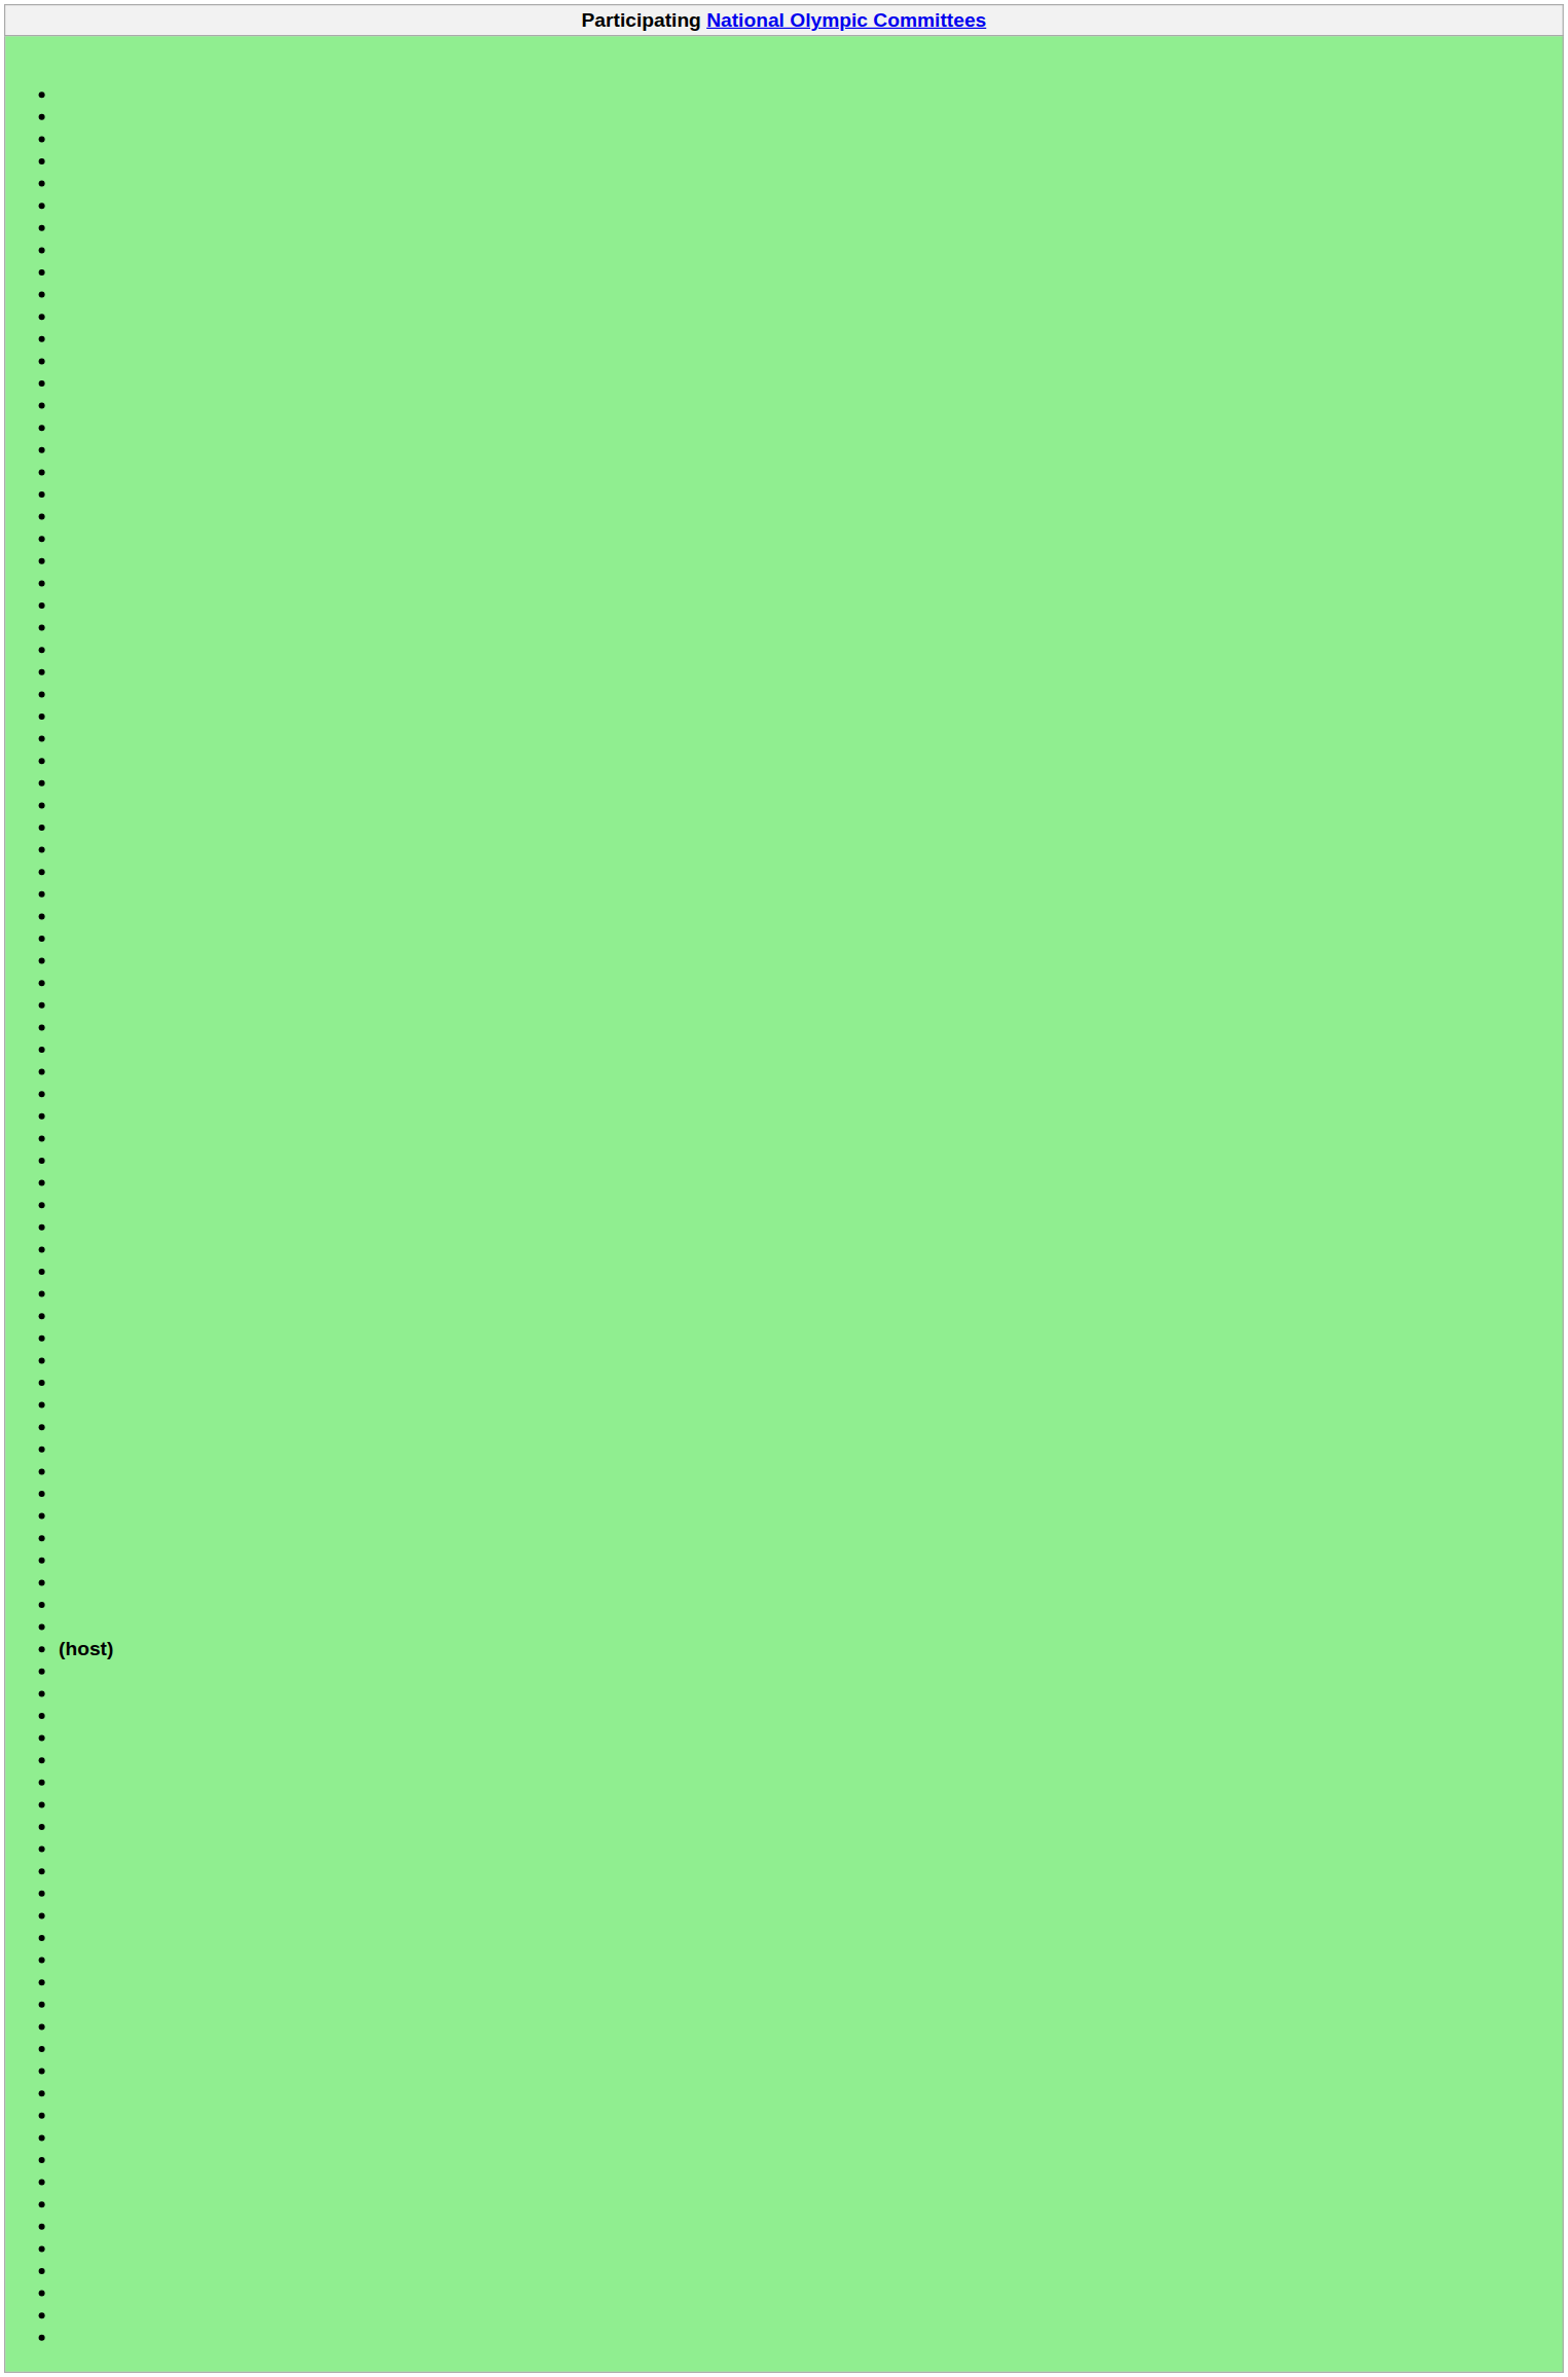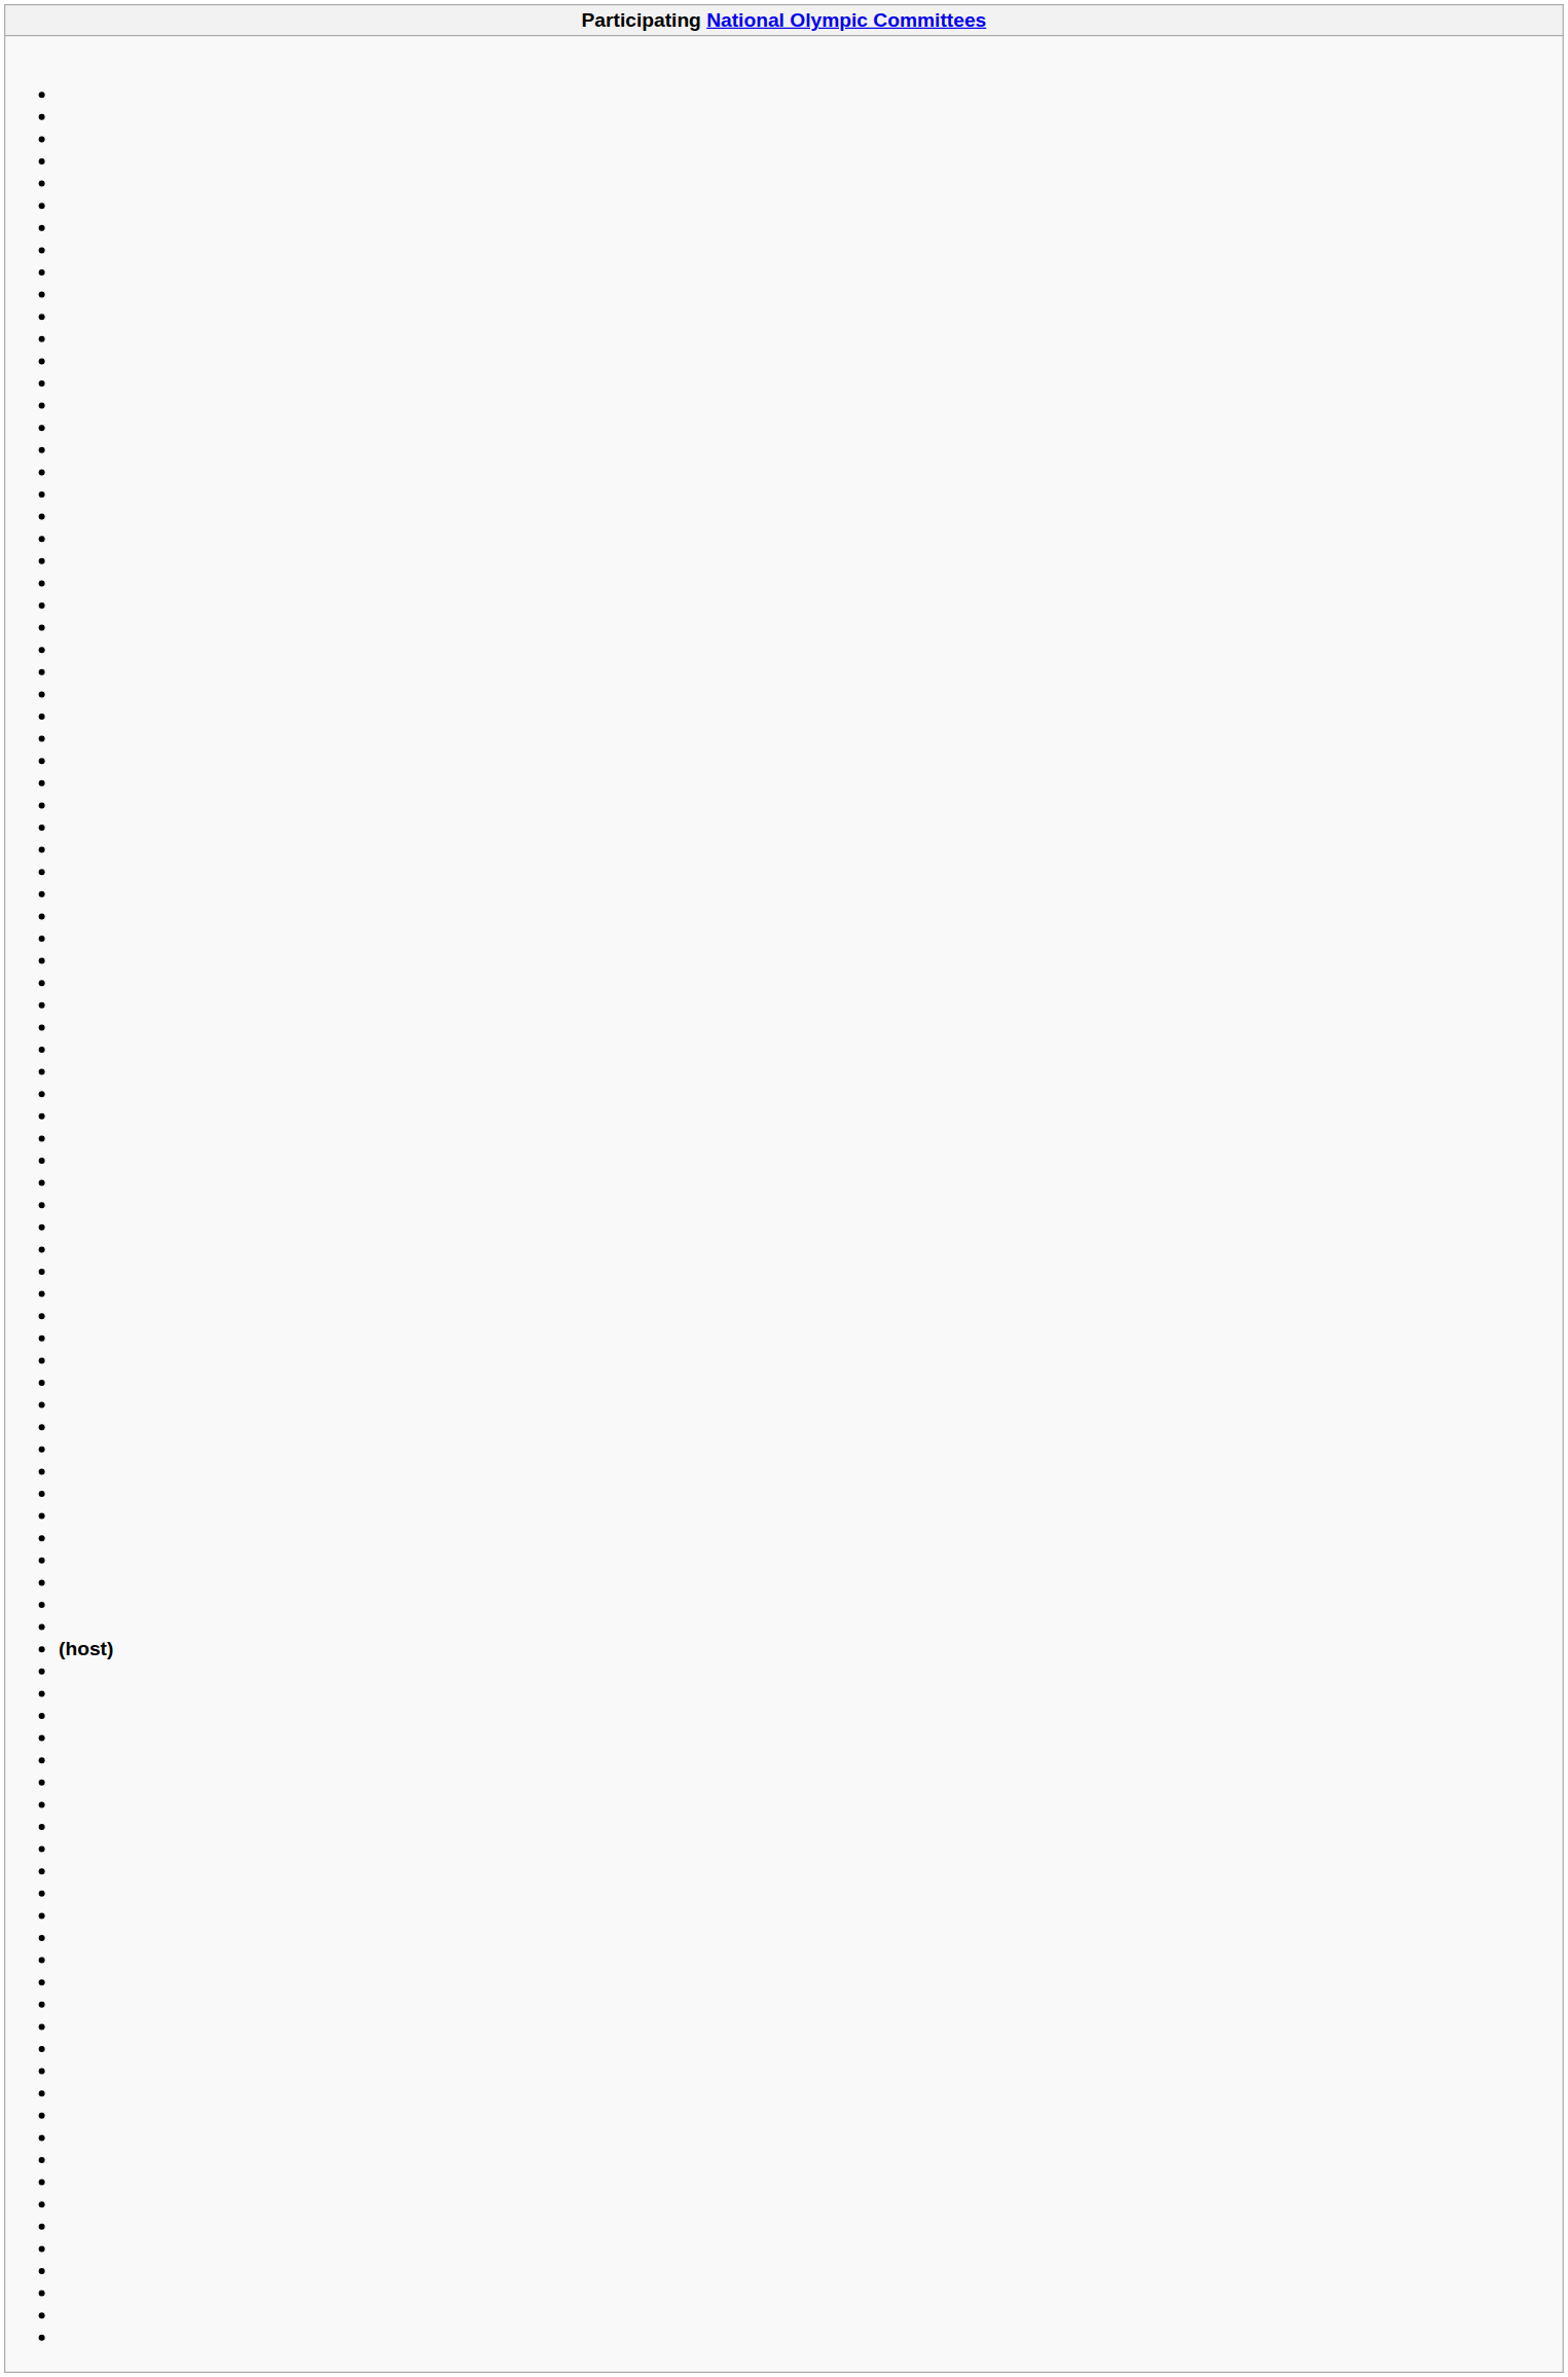 <table class="wikitable collapsible" style="margin:1em auto; width:100%;">
 <tr>
 <th>Participating <a href='#'>National Olympic Committees</a></th>
 </tr>
 <tr>
-<td style="background: lightgreen;"><br><ul><li></li><li></li><li></li><li></li><li></li><li></li><li></li><li></li><li></li><li></li><li></li><li></li><li></li><li></li><li></li><li></li><li></li><li></li><li></li><li></li><li></li><li></li><li></li><li></li><li></li><li></li><li></li><li></li><li></li><li></li><li></li><li></li><li></li><li></li><li></li><li></li><li></li><li></li><li></li><li></li><li></li><li></li><li></li><li></li><li></li><li></li><li></li><li></li><li></li><li></li><li></li><li></li><li></li><li></li><li></li><li></li><li></li><li></li><li></li><li></li><li></li><li></li><li></li><li></li><li></li><li></li><li></li><li></li><li></li><li></li><li> <strong>(host)</strong></li><li></li><li></li><li></li><li></li><li></li><li></li><li></li><li></li><li></li><li></li><li></li><li></li><li></li><li></li><li></li><li></li><li></li><li></li><li></li><li></li><li></li><li></li><li></li><li></li><li></li><li></li><li></li><li></li><li></li><li></li><li></li></ul></td>
+<td><br><ul><li></li><li></li><li></li><li></li><li></li><li></li><li></li><li></li><li></li><li></li><li></li><li></li><li></li><li></li><li></li><li></li><li></li><li></li><li></li><li></li><li></li><li></li><li></li><li></li><li></li><li></li><li></li><li></li><li></li><li></li><li></li><li></li><li></li><li></li><li></li><li></li><li></li><li></li><li></li><li></li><li></li><li></li><li></li><li></li><li></li><li></li><li></li><li></li><li></li><li></li><li></li><li></li><li></li><li></li><li></li><li></li><li></li><li></li><li></li><li></li><li></li><li></li><li></li><li></li><li></li><li></li><li></li><li></li><li></li><li></li><li> <strong>(host)</strong></li><li></li><li></li><li></li><li></li><li></li><li></li><li></li><li></li><li></li><li></li><li></li><li></li><li></li><li></li><li></li><li></li><li></li><li></li><li></li><li></li><li></li><li></li><li></li><li></li><li></li><li></li><li></li><li></li><li></li><li></li><li></li></ul></td>
 </tr>
 </table>
